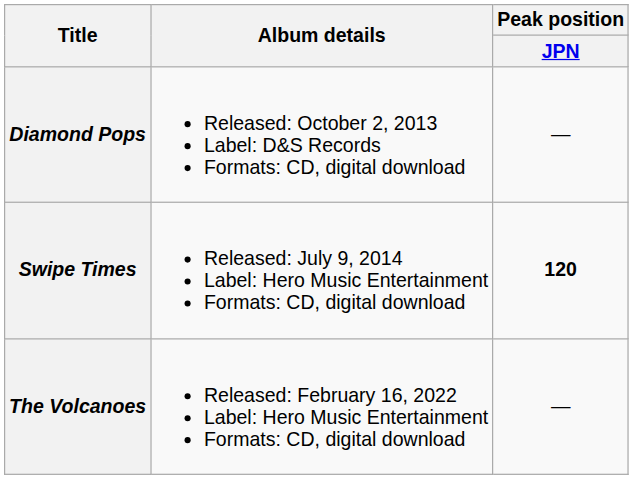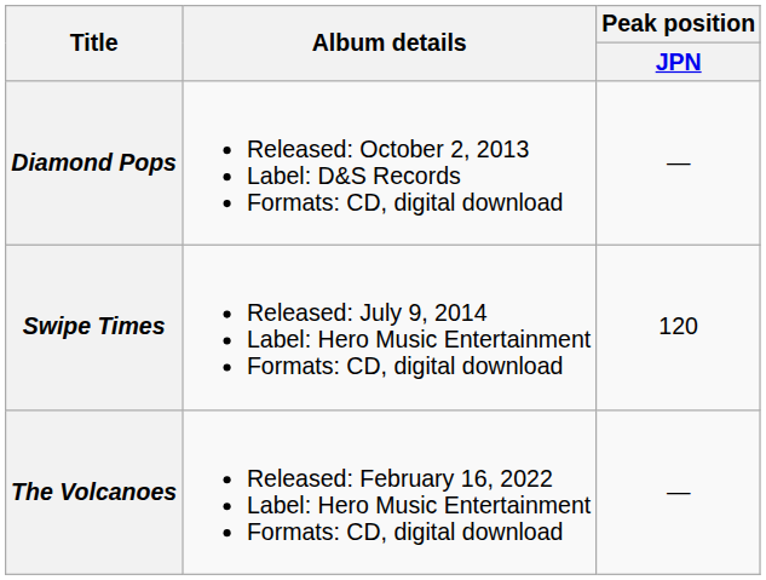 <table class="wikitable plainrowheaders">
 <tr>
 <th scope="col" rowspan="2">Title</th>
 <th scope="col" rowspan="2">Album details</th>
 <th scope="col" colspan="1">Peak position</th>
 </tr>
 <tr>
 <th scope="col"><a href='#'>JPN</a></th>
 </tr>
 <tr>
 <th scope="row"><em>Diamond Pops</em></th>
 <td><br><ul><li>Released: October 2, 2013</li><li>Label: D&S Records</li><li>Formats: CD, digital download</li></ul></td>
 <td align="center">—</td>
 </tr>
 <tr>
 <th scope="row"><em>Swipe Times</em></th>
 <td><br><ul><li>Released: July 9, 2014</li><li>Label: Hero Music Entertainment</li><li>Formats: CD, digital download</li></ul></td>
-<td align="center"><strong>120</strong></td>
+<td align="center">120</td>
 </tr>
 <tr>
 <th scope="row"><em>The Volcanoes</em></th>
 <td><br><ul><li>Released: February 16, 2022</li><li>Label: Hero Music Entertainment</li><li>Formats: CD, digital download</li></ul></td>
 <td align="center">—</td>
 </tr>
 </table>
